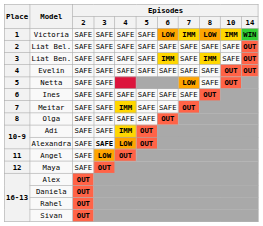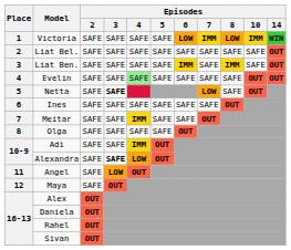 <table class="wikitable" style="text-align:center; font-size:92%">
 <tr>
 <th rowspan="2">Place</th>
 <th rowspan="2">Model</th>
 <th colspan="20">Episodes</th>
 </tr>
 <tr>
 <th>2</th>
 <th>3</th>
 <th>4</th>
 <th>5</th>
 <th>6</th>
 <th>7</th>
 <th>8</th>
 <th>10</th>
 <th>14</th>
 </tr>
 <tr>
 <th>1</th>
 <td>Victoria</td>
 <td>SAFE</td>
 <td>SAFE</td>
 <td>SAFE</td>
 <td>SAFE</td>
 <td style="background:orange;"><strong>LOW</strong></td>
 <td style="background:gold;"><strong>IMM</strong></td>
 <td style="background:orange;"><strong>LOW</strong></td>
 <td style="background:gold;"><strong>IMM</strong></td>
 <td style="background:limegreen;"><strong>WIN</strong></td>
 </tr>
 <tr>
 <th>2</th>
 <td>Liat Bel.</td>
 <td>SAFE</td>
 <td>SAFE</td>
 <td>SAFE</td>
 <td>SAFE</td>
 <td>SAFE</td>
 <td>SAFE</td>
 <td>SAFE</td>
 <td>SAFE</td>
 <td style="background:tomato;"><strong>OUT</strong></td>
 </tr>
 <tr>
 <th>3</th>
 <td>Liat Ben.</td>
 <td>SAFE</td>
 <td>SAFE</td>
 <td>SAFE</td>
 <td>SAFE</td>
 <td style="background:gold;"><strong>IMM</strong></td>
 <td>SAFE</td>
 <td style="background:gold;"><strong>IMM</strong></td>
 <td>SAFE</td>
 <td style="background:tomato;"><strong>OUT</strong></td>
 </tr>
 <tr>
 <th>4</th>
 <td>Evelin</td>
 <td>SAFE</td>
 <td>SAFE</td>
-<td>SAFE</td>
+<td style="background: lightgreen;">SAFE</td>
 <td>SAFE</td>
 <td>SAFE</td>
 <td>SAFE</td>
 <td>SAFE</td>
 <td style="background:tomato;"><strong>OUT</strong></td>
 <td style="background:tomato;"><strong>OUT</strong></td>
 </tr>
 <tr>
 <th>5</th>
 <td>Netta</td>
 <td>SAFE</td>
-<td>SAFE</td>
+<td><strong>SAFE</strong></td>
 <td style="background:crimson"><strong></strong></td>
 <td colspan="2" style="background:darkgrey"></td>
 <td style="background:orange;"><strong>LOW</strong></td>
 <td>SAFE</td>
 <td style="background:tomato;"><strong>OUT</strong></td>
 <td colspan="25" style="background:darkgrey"></td>
 </tr>
 <tr>
 <th>6</th>
 <td>Ines</td>
 <td>SAFE</td>
 <td>SAFE</td>
 <td>SAFE</td>
 <td>SAFE</td>
 <td>SAFE</td>
 <td>SAFE</td>
 <td style="background:tomato;"><strong>OUT</strong></td>
 <td colspan="25" style="background:darkgrey"></td>
 </tr>
 <tr>
 <th>7</th>
 <td>Meitar</td>
 <td>SAFE</td>
 <td>SAFE</td>
 <td style="background:gold;"><strong>IMM</strong></td>
 <td>SAFE</td>
 <td>SAFE</td>
 <td style="background:tomato;"><strong>OUT</strong></td>
 <td colspan="25" style="background:darkgrey"></td>
 </tr>
 <tr>
 <th>8</th>
 <td>Olga</td>
 <td>SAFE</td>
 <td>SAFE</td>
 <td>SAFE</td>
 <td>SAFE</td>
 <td style="background:tomato;"><strong>OUT</strong></td>
 <td colspan="25" style="background:darkgrey"></td>
 </tr>
 <tr>
 <th rowspan=2>10-9</th>
 <td>Adi</td>
 <td>SAFE</td>
 <td>SAFE</td>
 <td style="background:gold;"><strong>IMM</strong></td>
 <td style="background:tomato;"><strong>OUT</strong></td>
 <td colspan="25" style="background:darkgrey"></td>
 </tr>
 <tr>
 <td>Alexandra</td>
 <td>SAFE</td>
 <td><strong>SAFE</strong></td>
 <td style="background:orange;"><strong>LOW</strong></td>
 <td style="background:tomato;"><strong>OUT</strong></td>
 <td colspan="25" style="background:darkgrey"></td>
 </tr>
 <tr>
 <th>11</th>
 <td>Angel</td>
 <td>SAFE</td>
 <td style="background:orange;"><strong>LOW</strong></td>
 <td style="background:tomato;"><strong>OUT</strong></td>
 <td colspan="25" style="background:darkgrey"></td>
 </tr>
 <tr>
 <th>12</th>
 <td>Maya</td>
 <td>SAFE</td>
 <td style="background:tomato;"><strong>OUT</strong></td>
 <td colspan="25" style="background:darkgrey"></td>
 </tr>
 <tr>
 <th rowspan=4>16-13</th>
 <td>Alex</td>
 <td style="background:tomato;"><strong>OUT</strong></td>
 <td colspan="25" style="background:darkgrey"></td>
 </tr>
 <tr>
 <td>Daniela</td>
 <td style="background:tomato;"><strong>OUT</strong></td>
 <td colspan="25" style="background:darkgrey"></td>
 </tr>
 <tr>
 <td>Rahel</td>
 <td style="background:tomato;"><strong>OUT</strong></td>
 <td colspan="25" style="background:darkgrey"></td>
 </tr>
 <tr>
 <td>Sivan</td>
 <td style="background:tomato;"><strong>OUT</strong></td>
 <td colspan="25" style="background:darkgrey"></td>
 </tr>
 </table>
